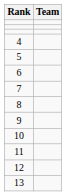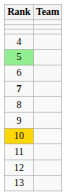 <table class="wikitable" style="text-align: center;">
 <tr>
 <th width=40>Rank</th>
 <th>Team</th>
 </tr>
 <tr>
 <td></td>
 <td align=left></td>
 </tr>
 <tr>
 <td></td>
 <td align=left></td>
 </tr>
 <tr>
 <td></td>
 <td align=left></td>
 </tr>
 <tr>
 <td>4</td>
 <td align=left></td>
 </tr>
 <tr>
-<td>5</td>
+<td style="background: lightgreen;">5</td>
 <td align=left></td>
 </tr>
 <tr>
 <td>6</td>
 <td align=left></td>
 </tr>
 <tr>
-<td>7</td>
+<td><strong>7</strong></td>
 <td align=left></td>
 </tr>
 <tr>
 <td>8</td>
 <td align=left></td>
 </tr>
 <tr>
 <td>9</td>
 <td align=left></td>
 </tr>
 <tr>
-<td>10</td>
+<td style="background: gold;">10</td>
 <td align=left></td>
 </tr>
 <tr>
 <td>11</td>
 <td align=left></td>
 </tr>
 <tr>
 <td>12</td>
 <td align=left></td>
 </tr>
 <tr>
 <td>13</td>
 <td align=left></td>
 </tr>
 </table>
